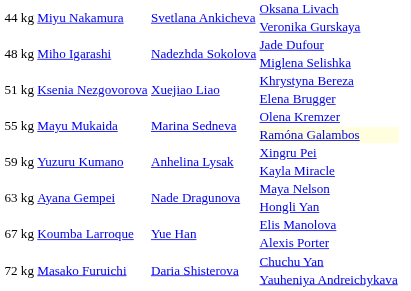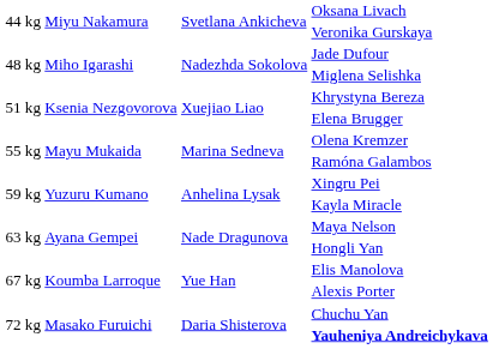 <table>
 <tr>
 <td rowspan=2>44 kg</td>
 <td rowspan=2> <a href='#'>Miyu Nakamura</a></td>
 <td rowspan=2> <a href='#'>Svetlana Ankicheva</a></td>
 <td> <a href='#'>Oksana Livach</a></td>
 </tr>
 <tr>
 <td> <a href='#'>Veronika Gurskaya</a></td>
 </tr>
 <tr>
 <td rowspan=2>48 kg</td>
 <td rowspan=2> <a href='#'>Miho Igarashi</a></td>
 <td rowspan=2> <a href='#'>Nadezhda Sokolova</a></td>
 <td> <a href='#'>Jade Dufour</a></td>
 </tr>
 <tr>
 <td> <a href='#'>Miglena Selishka</a></td>
 </tr>
 <tr>
 <td rowspan=2>51 kg</td>
 <td rowspan=2> <a href='#'>Ksenia Nezgovorova</a></td>
 <td rowspan=2> <a href='#'>Xuejiao Liao</a></td>
 <td> <a href='#'>Khrystyna Bereza</a></td>
 </tr>
 <tr>
 <td> <a href='#'>Elena Brugger</a></td>
 </tr>
 <tr>
 <td rowspan=2>55 kg</td>
 <td rowspan=2> <a href='#'>Mayu Mukaida</a></td>
 <td rowspan=2> <a href='#'>Marina Sedneva</a></td>
 <td> <a href='#'>Olena Kremzer</a></td>
 </tr>
 <tr>
-<td style="background: lightyellow;"> <a href='#'>Ramóna Galambos</a></td>
+<td> <a href='#'>Ramóna Galambos</a></td>
 </tr>
 <tr>
 <td rowspan=2>59 kg</td>
 <td rowspan=2> <a href='#'>Yuzuru Kumano</a></td>
 <td rowspan=2> <a href='#'>Anhelina Lysak</a></td>
 <td> <a href='#'>Xingru Pei</a></td>
 </tr>
 <tr>
 <td> <a href='#'>Kayla Miracle</a></td>
 </tr>
 <tr>
 <td rowspan=2>63 kg</td>
 <td rowspan=2> <a href='#'>Ayana Gempei</a></td>
 <td rowspan=2> <a href='#'>Nade Dragunova</a></td>
 <td> <a href='#'>Maya Nelson</a></td>
 </tr>
 <tr>
 <td> <a href='#'>Hongli Yan</a></td>
 </tr>
 <tr>
 <td rowspan=2>67 kg</td>
 <td rowspan=2> <a href='#'>Koumba Larroque</a></td>
 <td rowspan=2> <a href='#'>Yue Han</a></td>
 <td> <a href='#'>Elis Manolova</a></td>
 </tr>
 <tr>
 <td> <a href='#'>Alexis Porter</a></td>
 </tr>
 <tr>
 <td rowspan=2>72 kg</td>
 <td rowspan=2> <a href='#'>Masako Furuichi</a></td>
 <td rowspan=2> <a href='#'>Daria Shisterova</a></td>
 <td> <a href='#'>Chuchu Yan</a></td>
 </tr>
 <tr>
-<td> <a href='#'>Yauheniya Andreichykava</a></td>
+<td><strong> <a href='#'>Yauheniya Andreichykava</a></strong></td>
 </tr>
 </table>
